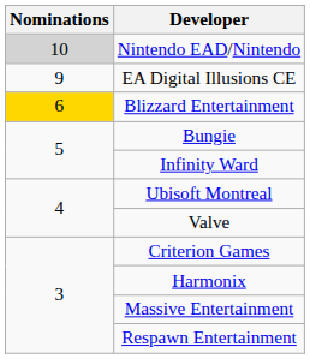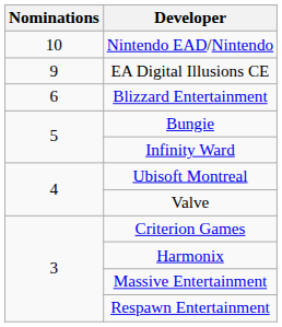 <table class="wikitable" style="text-align:center;">
 <tr>
 <th scope="col" width="55">Nominations</th>
 <th scope="col" align="center">Developer</th>
 </tr>
 <tr>
-<td align="center" style="background: lightgrey;">10</td>
+<td align="center">10</td>
 <td><a href='#'>Nintendo EAD</a>/<a href='#'>Nintendo</a></td>
 </tr>
 <tr>
 <td align="center">9</td>
 <td>EA Digital Illusions CE</td>
 </tr>
 <tr>
-<td align="center" style="background: gold;">6</td>
+<td align="center">6</td>
 <td><a href='#'>Blizzard Entertainment</a></td>
 </tr>
 <tr>
 <td align="center" rowspan="2">5</td>
 <td><a href='#'>Bungie</a></td>
 </tr>
 <tr>
 <td><a href='#'>Infinity Ward</a></td>
 </tr>
 <tr>
 <td align="center" rowspan="2">4</td>
 <td><a href='#'>Ubisoft Montreal</a></td>
 </tr>
 <tr>
 <td>Valve</td>
 </tr>
 <tr>
 <td align="center" rowspan="4">3</td>
 <td><a href='#'>Criterion Games</a></td>
 </tr>
 <tr>
 <td><a href='#'>Harmonix</a></td>
 </tr>
 <tr>
 <td><a href='#'>Massive Entertainment</a></td>
 </tr>
 <tr>
 <td><a href='#'>Respawn Entertainment</a></td>
 </tr>
 </table>
